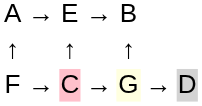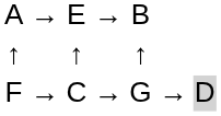 <table>
 <tr align = "center">
 <td>A</td>
 <td>→</td>
 <td>E</td>
 <td>→</td>
 <td>B</td>
 </tr>
 <tr align = "center">
 <td>↑</td>
 <td></td>
 <td>↑</td>
 <td></td>
 <td>↑</td>
 </tr>
 <tr align = "center">
 <td>F</td>
 <td>→</td>
-<td style="background: pink;">C</td>
+<td>C</td>
 <td>→</td>
-<td style="background: lightyellow;">G</td>
+<td>G</td>
 <td>→</td>
 <td style="background: lightgrey;">D</td>
 </tr>
 </table>
